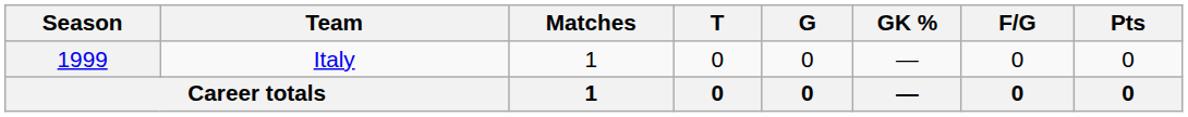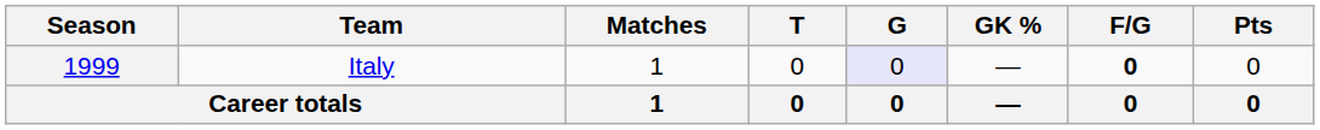 <table class="wikitable sortable"  style="font-size:90%; text-align:center; width:85%;">
 <tr>
 <th width=2%>Season</th>
 <th width=8%>Team</th>
 <th width=2%>Matches</th>
 <th width=2%>T</th>
 <th width=2%>G</th>
 <th width=2%>GK %</th>
 <th width=2%>F/G</th>
 <th width=2%>Pts</th>
 </tr>
 <tr>
 <th scope="row" style="text-align:center; font-weight:normal"><a href='#'>1999</a></th>
 <td style="text-align:center;"> <a href='#'>Italy</a></td>
 <td>1</td>
 <td>0</td>
-<td>0</td>
+<td style="background: lavender;">0</td>
 <td>—</td>
-<td>0</td>
+<td><strong>0</strong></td>
 <td>0</td>
 </tr>
 <tr class="sortbottom">
 <th colspan=2>Career totals</th>
 <th>1</th>
 <th>0</th>
 <th>0</th>
 <th>—</th>
 <th>0</th>
 <th>0</th>
 </tr>
 </table>
